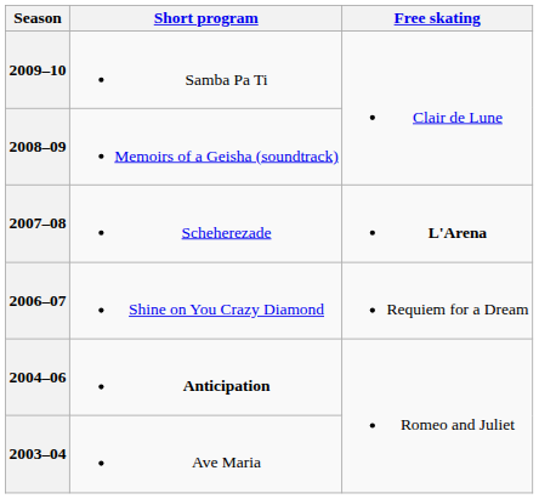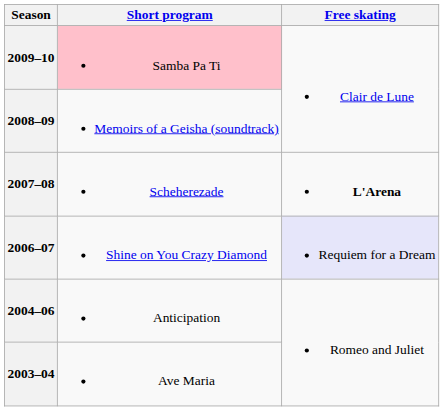 <table class=wikitable style="text-align:center">
 <tr>
 <th>Season</th>
 <th><a href='#'>Short program</a></th>
 <th><a href='#'>Free skating</a></th>
 </tr>
 <tr>
 <th>2009–10<br></th>
-<td><br><ul><li>Samba Pa Ti <br></li></ul></td>
+<td style="background: pink;"><br><ul><li>Samba Pa Ti <br></li></ul></td>
 <td rowspan=2><br><ul><li><a href='#'>Clair de Lune</a> <br></li></ul></td>
 </tr>
 <tr>
 <th>2008–09<br></th>
 <td><br><ul><li><a href='#'>Memoirs of a Geisha (soundtrack)</a><br></li></ul></td>
 </tr>
 <tr>
 <th>2007–08<br></th>
 <td><br><ul><li><a href='#'>Scheherezade</a><br></li></ul></td>
 <td><strong><br><ul><li>L'Arena<br></li></ul></strong></td>
 </tr>
 <tr>
 <th>2006–07<br></th>
 <td><br><ul><li><a href='#'>Shine on You Crazy Diamond</a><br></li></ul></td>
-<td><br><ul><li>Requiem for a Dream <br></li></ul></td>
+<td style="background: lavender;"><br><ul><li>Requiem for a Dream <br></li></ul></td>
 </tr>
 <tr>
 <th>2004–06<br></th>
-<td><strong><br><ul><li>Anticipation<br></li></ul></strong></td>
+<td><br><ul><li>Anticipation<br></li></ul></td>
 <td rowspan=2><br><ul><li>Romeo and Juliet<br></li></ul></td>
 </tr>
 <tr>
 <th>2003–04<br></th>
 <td><br><ul><li>Ave Maria</li></ul></td>
 </tr>
 </table>
